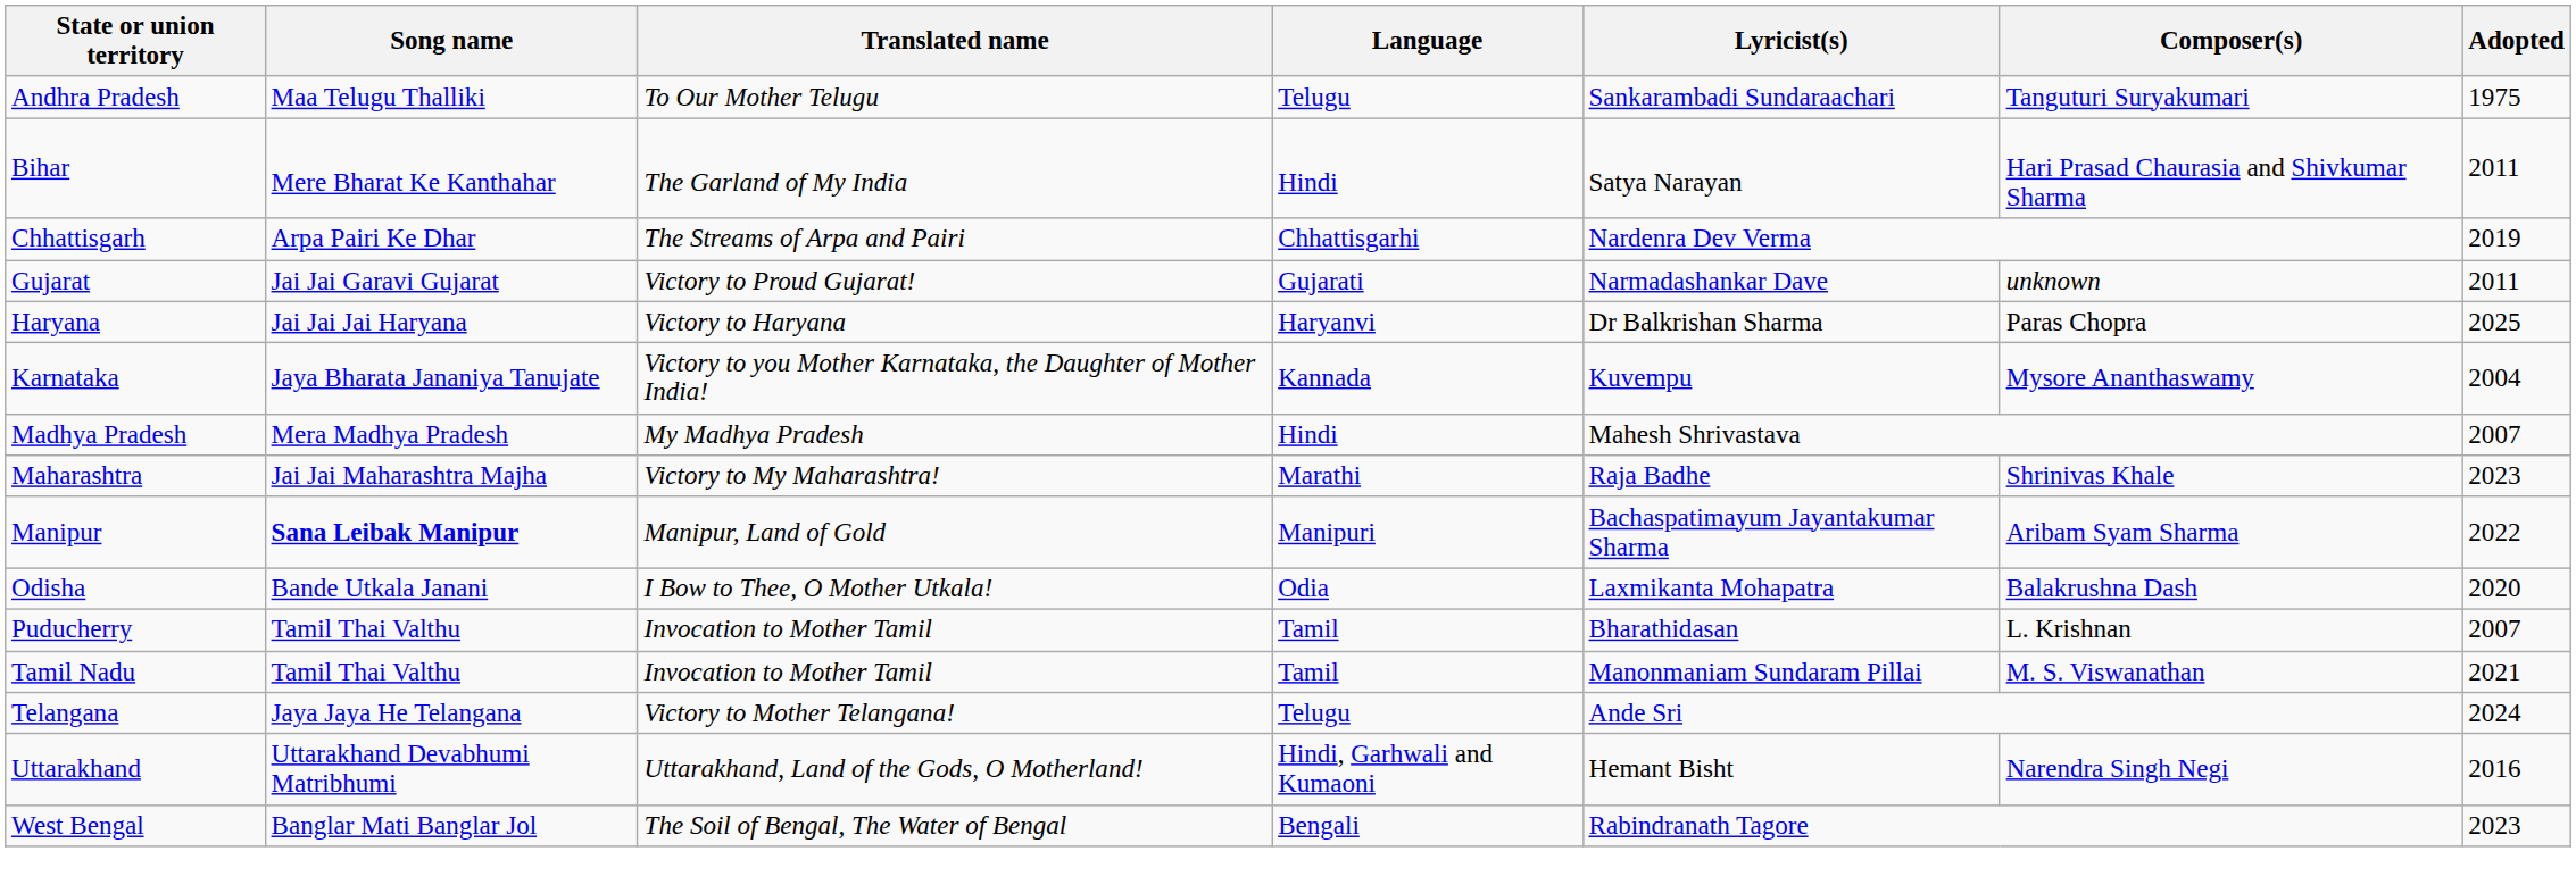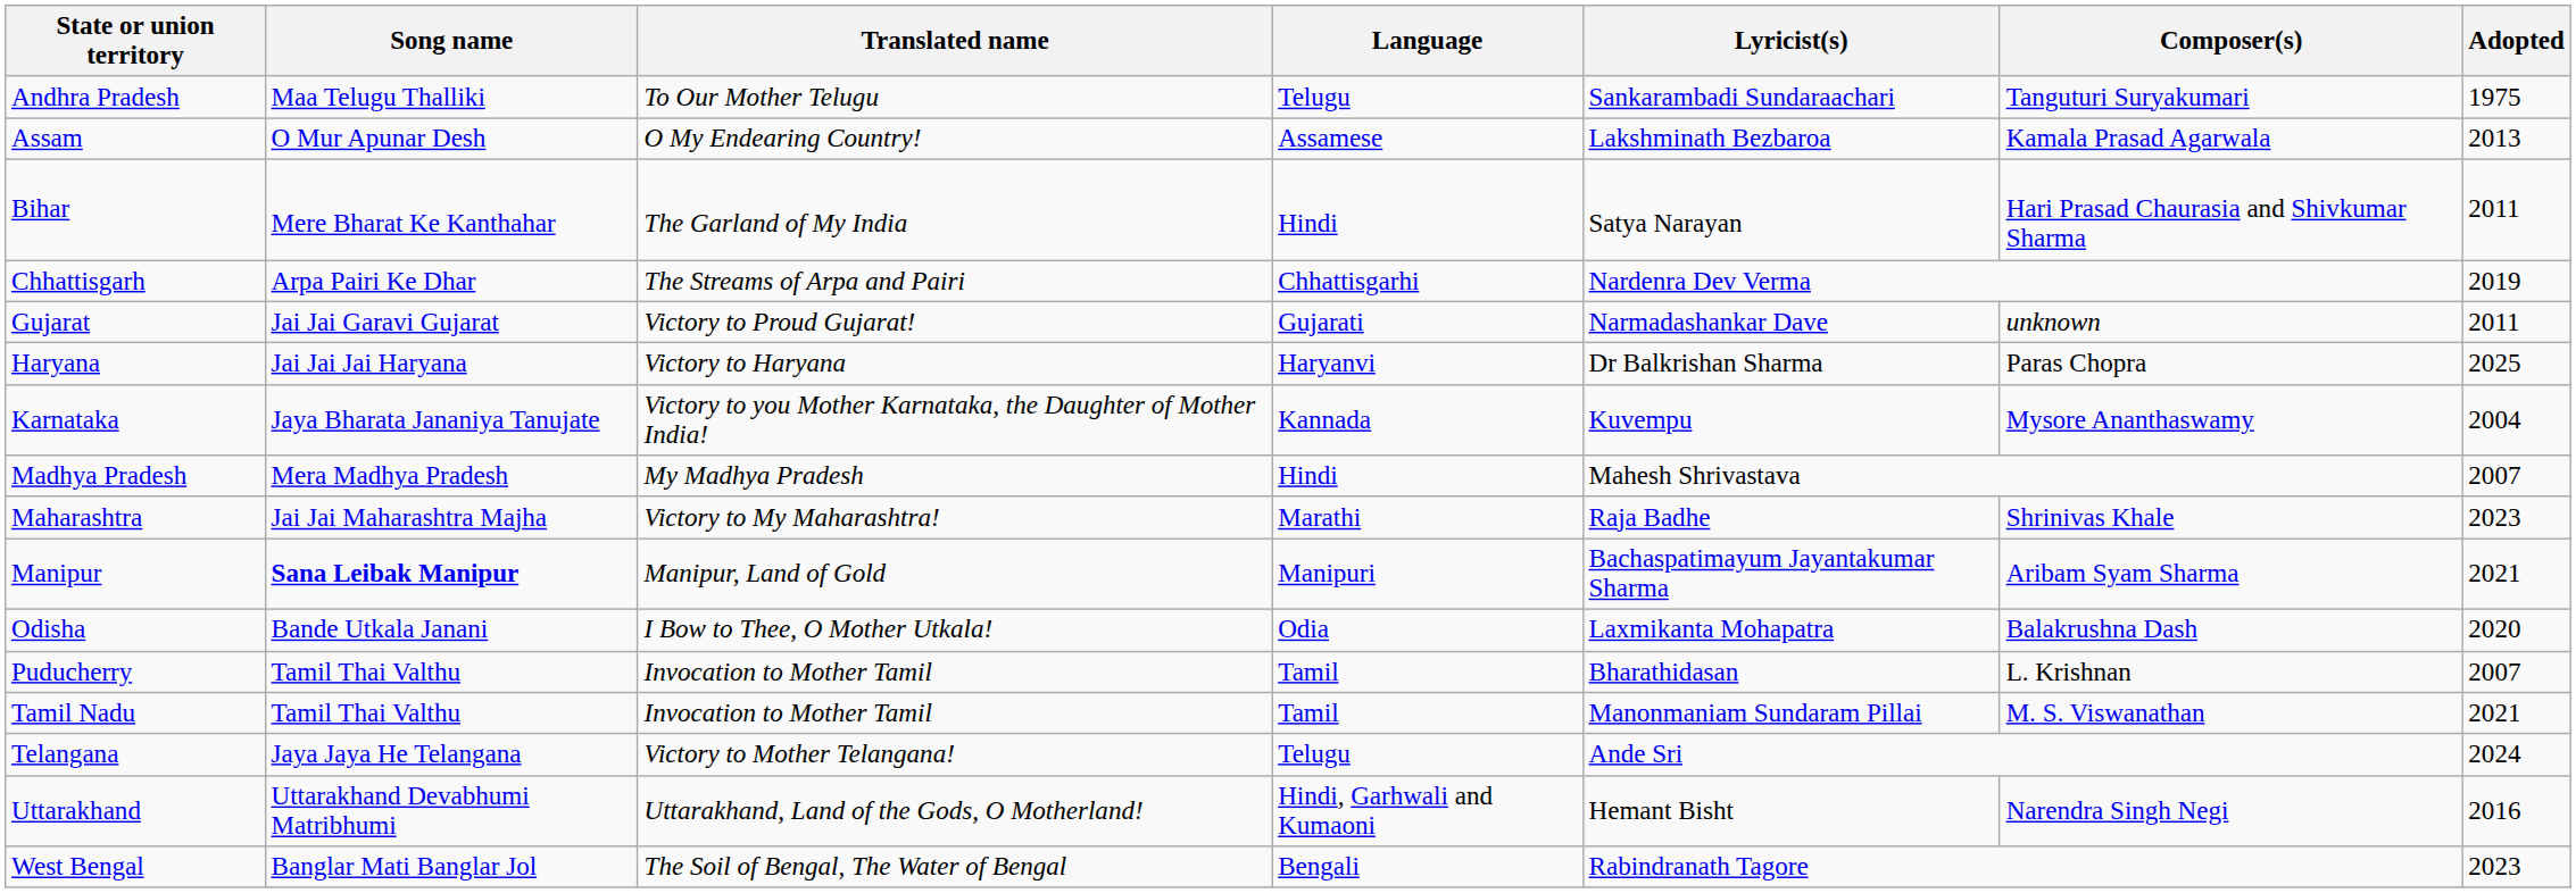 <table class="wikitable sortable">
 <tr>
 <th>State or union territory</th>
 <th>Song name</th>
 <th>Translated name</th>
 <th>Language</th>
 <th>Lyricist(s)</th>
 <th>Composer(s)</th>
 <th>Adopted</th>
 </tr>
 <tr>
 <td><a href='#'>Andhra Pradesh</a></td>
 <td><a href='#'>Maa Telugu Thalliki</a></td>
 <td><em>To Our Mother Telugu</em></td>
 <td><a href='#'>Telugu</a></td>
 <td><a href='#'>Sankarambadi Sundaraachari</a></td>
 <td><a href='#'>Tanguturi Suryakumari</a></td>
 <td>1975</td>
+</tr>
+<tr>
+<td> <a href='#'>Assam</a></td>
+<td><a href='#'>O Mur Apunar Desh</a></td>
+<td><em>O My Endearing Country!</em></td>
+<td><a href='#'>Assamese</a></td>
+<td><a href='#'>Lakshminath Bezbaroa</a></td>
+<td><a href='#'>Kamala Prasad Agarwala</a></td>
+<td>2013</td>
 </tr>
 <tr>
 <td> <a href='#'>Bihar</a></td>
 <td><br><a href='#'>Mere Bharat Ke Kanthahar</a></td>
 <td><br><em>The Garland of My India</em></td>
 <td><br><a href='#'>Hindi</a></td>
 <td><br>Satya Narayan</td>
 <td><br><a href='#'>Hari Prasad Chaurasia</a> and <a href='#'>Shivkumar Sharma</a></td>
 <td>2011</td>
 </tr>
 <tr>
 <td> <a href='#'>Chhattisgarh</a></td>
 <td><a href='#'>Arpa Pairi Ke Dhar</a></td>
 <td><em>The Streams of Arpa and Pairi</em></td>
 <td><a href='#'>Chhattisgarhi</a></td>
 <td colspan="2"><a href='#'>Nardenra Dev Verma</a></td>
 <td>2019</td>
 </tr>
 <tr>
 <td> <a href='#'>Gujarat</a></td>
 <td><a href='#'>Jai Jai Garavi Gujarat</a></td>
 <td><em>Victory to Proud Gujarat!</em></td>
 <td><a href='#'>Gujarati</a></td>
 <td><a href='#'>Narmadashankar Dave</a></td>
 <td><em>unknown</em></td>
 <td>2011</td>
 </tr>
 <tr>
 <td>  <a href='#'>Haryana</a></td>
 <td><a href='#'>Jai Jai Jai Haryana</a></td>
 <td><em>Victory to Haryana</em></td>
 <td><a href='#'>Haryanvi</a></td>
 <td>Dr Balkrishan Sharma</td>
 <td>Paras Chopra</td>
 <td>2025</td>
 </tr>
 <tr>
 <td> <a href='#'>Karnataka</a></td>
 <td><a href='#'>Jaya Bharata Jananiya Tanujate</a></td>
 <td><em>Victory to you Mother Karnataka, the Daughter of Mother India!</em></td>
 <td><a href='#'>Kannada</a></td>
 <td><a href='#'>Kuvempu</a></td>
 <td><a href='#'>Mysore Ananthaswamy</a></td>
 <td>2004</td>
 </tr>
 <tr>
 <td> <a href='#'>Madhya Pradesh</a></td>
 <td><a href='#'>Mera Madhya Pradesh</a></td>
 <td><em>My Madhya Pradesh</em></td>
 <td><a href='#'>Hindi</a></td>
 <td colspan="2">Mahesh Shrivastava</td>
 <td>2007</td>
 </tr>
 <tr>
 <td> <a href='#'>Maharashtra</a></td>
 <td><a href='#'>Jai Jai Maharashtra Majha</a></td>
 <td><em>Victory to My Maharashtra!</em></td>
 <td><a href='#'>Marathi</a></td>
 <td><a href='#'>Raja Badhe</a></td>
 <td><a href='#'>Shrinivas Khale</a></td>
 <td>2023</td>
 </tr>
 <tr>
 <td><a href='#'>Manipur</a></td>
 <td><strong><a href='#'>Sana Leibak Manipur</a></strong></td>
 <td><em>Manipur, Land of Gold</em></td>
 <td><a href='#'>Manipuri</a></td>
 <td><a href='#'>Bachaspatimayum Jayantakumar Sharma</a></td>
 <td><a href='#'>Aribam Syam Sharma</a></td>
-<td>2022</td>
+<td>2021</td>
 </tr>
 <tr>
 <td> <a href='#'>Odisha</a></td>
 <td><a href='#'>Bande Utkala Janani</a></td>
 <td><em>I Bow to Thee, O Mother Utkala!</em></td>
 <td><a href='#'>Odia</a></td>
 <td><a href='#'>Laxmikanta Mohapatra</a></td>
 <td><a href='#'>Balakrushna Dash</a></td>
 <td>2020</td>
 </tr>
 <tr>
 <td> <a href='#'>Puducherry</a></td>
 <td><a href='#'>Tamil Thai Valthu</a></td>
 <td><em>Invocation to Mother Tamil</em></td>
 <td><a href='#'>Tamil</a></td>
 <td><a href='#'>Bharathidasan</a></td>
 <td>L. Krishnan</td>
 <td>2007</td>
 </tr>
 <tr>
 <td> <a href='#'>Tamil Nadu</a></td>
 <td><a href='#'>Tamil Thai Valthu</a></td>
 <td><em>Invocation to Mother Tamil</em></td>
 <td><a href='#'>Tamil</a></td>
 <td><a href='#'>Manonmaniam Sundaram Pillai</a></td>
 <td><a href='#'>M. S. Viswanathan</a></td>
 <td>2021</td>
 </tr>
 <tr>
 <td> <a href='#'>Telangana</a></td>
 <td><a href='#'>Jaya Jaya He Telangana</a></td>
 <td><em>Victory to Mother Telangana!</em></td>
 <td><a href='#'>Telugu</a></td>
 <td colspan="2"><a href='#'>Ande Sri</a></td>
 <td>2024</td>
 </tr>
 <tr>
 <td> <a href='#'>Uttarakhand</a></td>
 <td><a href='#'>Uttarakhand Devabhumi Matribhumi</a></td>
 <td><em>Uttarakhand, Land of the Gods, O Motherland!</em></td>
 <td><a href='#'>Hindi</a>, <a href='#'>Garhwali</a> and <a href='#'>Kumaoni</a></td>
 <td>Hemant Bisht</td>
 <td><a href='#'>Narendra Singh Negi</a></td>
 <td>2016</td>
 </tr>
 <tr>
 <td> <a href='#'>West Bengal</a></td>
 <td><a href='#'>Banglar Mati Banglar Jol</a></td>
 <td><em>The Soil of Bengal, The Water of Bengal</em></td>
 <td><a href='#'>Bengali</a></td>
 <td colspan="2"><a href='#'>Rabindranath Tagore</a></td>
 <td>2023</td>
 </tr>
 </table>
